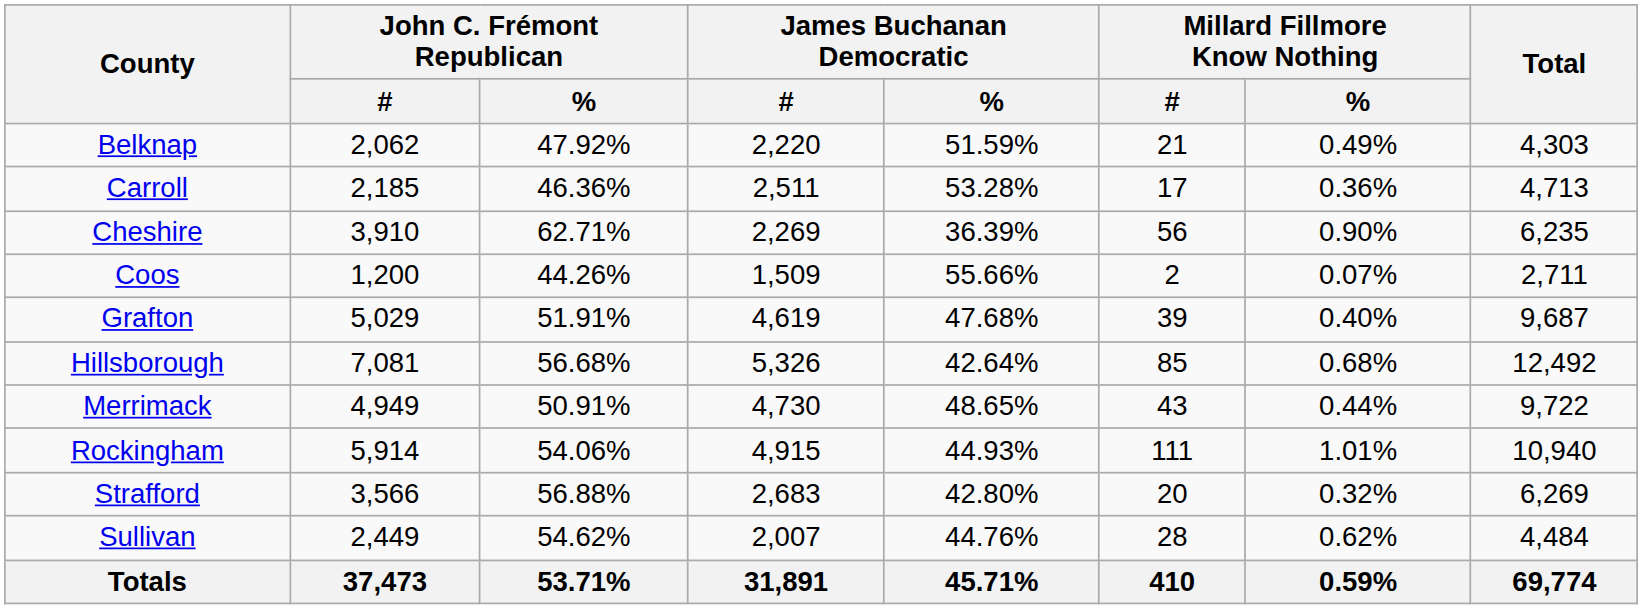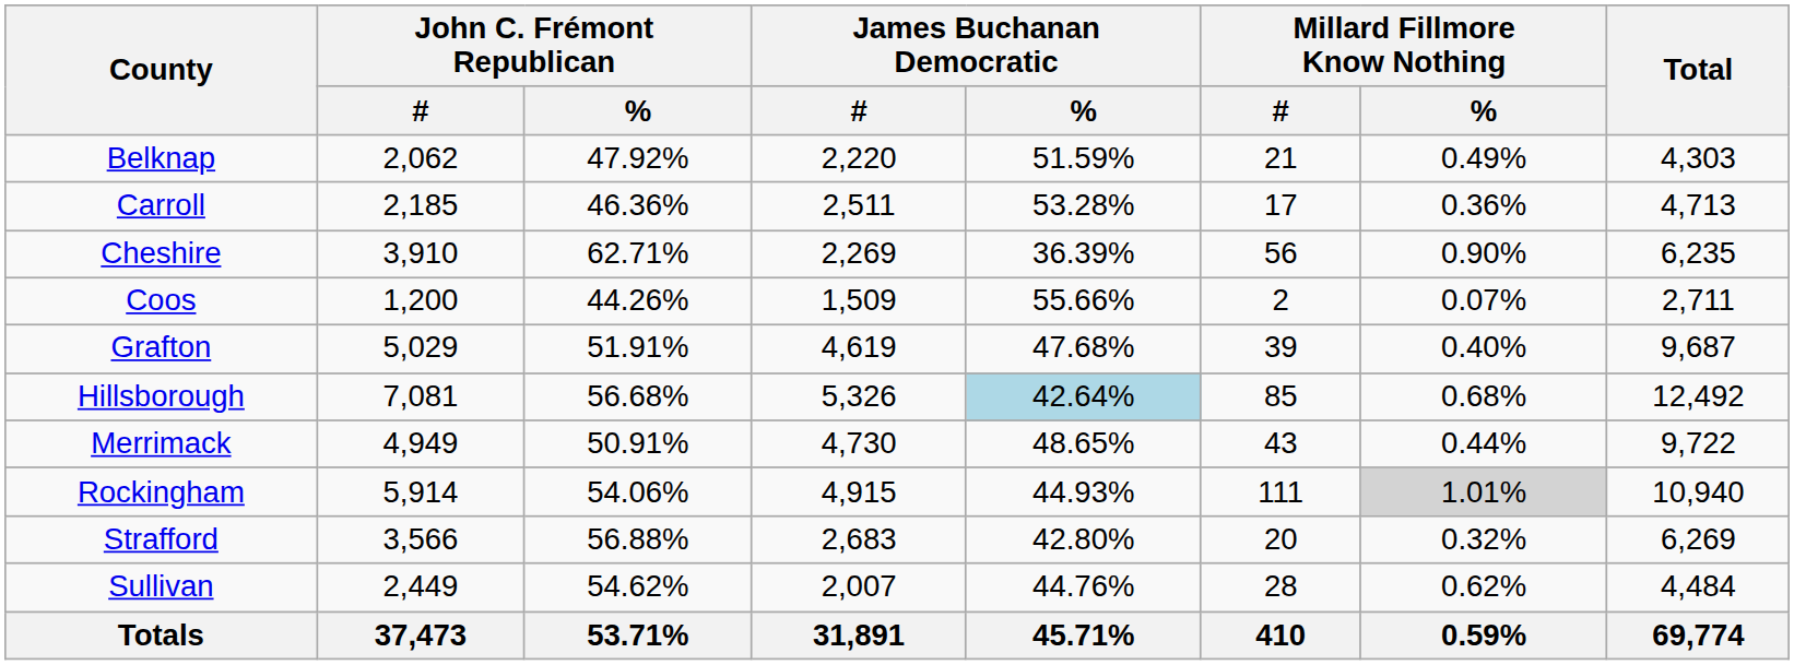 <table class="wikitable sortable" width="60%" style="text-align:center">
 <tr>
 <th rowspan="2" style="text-align:center;">County</th>
 <th colspan="2" style="text-align:center;">John C. Frémont<br>Republican</th>
 <th colspan="2" style="text-align:center;">James Buchanan<br>Democratic</th>
 <th colspan="2" style="text-align:center;">Millard Fillmore<br>Know Nothing</th>
 <th rowspan="2" style="text-align:center;">Total</th>
 </tr>
 <tr>
 <th data-sort-type="number" style="text-align:center;">#</th>
 <th data-sort-type="number" style="text-align:center;">%</th>
 <th data-sort-type="number" style="text-align:center;">#</th>
 <th data-sort-type="number" style="text-align:center;">%</th>
 <th data-sort-type="number" style="text-align:center;">#</th>
 <th data-sort-type="number" style="text-align:center;">%</th>
 </tr>
 <tr style="text-align:center;">
 <td><a href='#'>Belknap</a></td>
 <td>2,062</td>
 <td>47.92%</td>
 <td>2,220</td>
 <td>51.59%</td>
 <td>21</td>
 <td>0.49%</td>
 <td>4,303</td>
 </tr>
 <tr style="text-align:center;">
 <td><a href='#'>Carroll</a></td>
 <td>2,185</td>
 <td>46.36%</td>
 <td>2,511</td>
 <td>53.28%</td>
 <td>17</td>
 <td>0.36%</td>
 <td>4,713</td>
 </tr>
 <tr style="text-align:center;">
 <td><a href='#'>Cheshire</a></td>
 <td>3,910</td>
 <td>62.71%</td>
 <td>2,269</td>
 <td>36.39%</td>
 <td>56</td>
 <td>0.90%</td>
 <td>6,235</td>
 </tr>
 <tr style="text-align:center;">
 <td><a href='#'>Coos</a></td>
 <td>1,200</td>
 <td>44.26%</td>
 <td>1,509</td>
 <td>55.66%</td>
 <td>2</td>
 <td>0.07%</td>
 <td>2,711</td>
 </tr>
 <tr style="text-align:center;">
 <td><a href='#'>Grafton</a></td>
 <td>5,029</td>
 <td>51.91%</td>
 <td>4,619</td>
 <td>47.68%</td>
 <td>39</td>
 <td>0.40%</td>
 <td>9,687</td>
 </tr>
 <tr style="text-align:center;">
 <td><a href='#'>Hillsborough</a></td>
 <td>7,081</td>
 <td>56.68%</td>
 <td>5,326</td>
-<td>42.64%</td>
+<td style="background: lightblue;">42.64%</td>
 <td>85</td>
 <td>0.68%</td>
 <td>12,492</td>
 </tr>
 <tr style="text-align:center;">
 <td><a href='#'>Merrimack</a></td>
 <td>4,949</td>
 <td>50.91%</td>
 <td>4,730</td>
 <td>48.65%</td>
 <td>43</td>
 <td>0.44%</td>
 <td>9,722</td>
 </tr>
 <tr style="text-align:center;">
 <td><a href='#'>Rockingham</a></td>
 <td>5,914</td>
 <td>54.06%</td>
 <td>4,915</td>
 <td>44.93%</td>
 <td>111</td>
-<td>1.01%</td>
+<td style="background: lightgrey;">1.01%</td>
 <td>10,940</td>
 </tr>
 <tr style="text-align:center;">
 <td><a href='#'>Strafford</a></td>
 <td>3,566</td>
 <td>56.88%</td>
 <td>2,683</td>
 <td>42.80%</td>
 <td>20</td>
 <td>0.32%</td>
 <td>6,269</td>
 </tr>
 <tr style="text-align:center;">
 <td><a href='#'>Sullivan</a></td>
 <td>2,449</td>
 <td>54.62%</td>
 <td>2,007</td>
 <td>44.76%</td>
 <td>28</td>
 <td>0.62%</td>
 <td>4,484</td>
 </tr>
 <tr>
 <th>Totals</th>
 <th>37,473</th>
 <th>53.71%</th>
 <th>31,891</th>
 <th>45.71%</th>
 <th>410</th>
 <th>0.59%</th>
 <th>69,774</th>
 </tr>
 </table>
